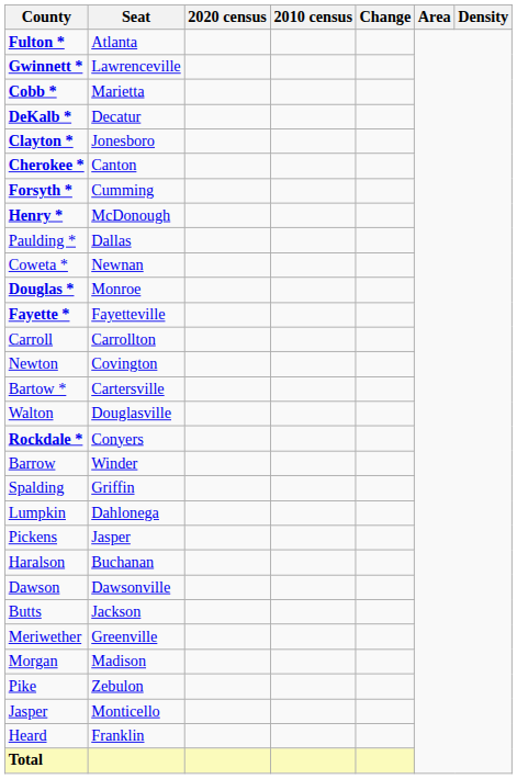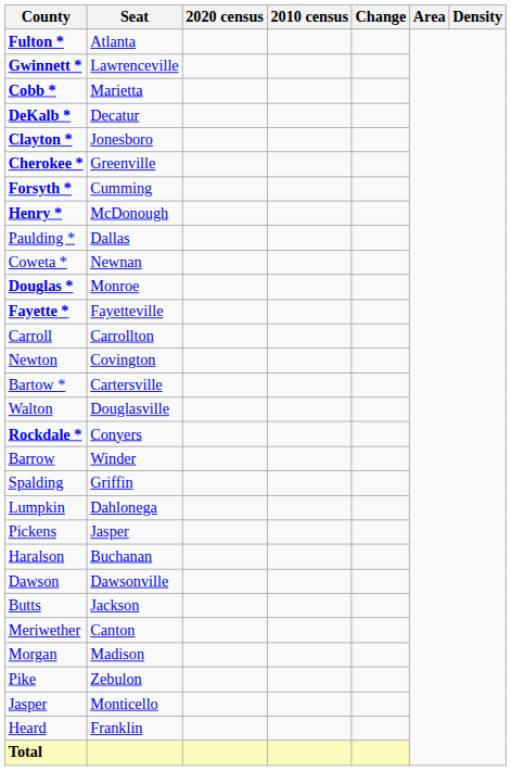 <table class="wikitable sortable">
 <tr>
 <th>County</th>
 <th>Seat</th>
 <th>2020 census</th>
 <th>2010 census</th>
 <th>Change</th>
 <th>Area</th>
 <th>Density</th>
 </tr>
 <tr>
 <td><strong><a href='#'>Fulton *</a></strong></td>
 <td><a href='#'>Atlanta</a></td>
 <td></td>
 <td></td>
 <td></td>
 </tr>
 <tr>
 <td><strong><a href='#'>Gwinnett *</a></strong></td>
 <td><a href='#'>Lawrenceville</a></td>
 <td></td>
 <td></td>
 <td></td>
 </tr>
 <tr>
 <td><strong><a href='#'>Cobb *</a></strong></td>
 <td><a href='#'>Marietta</a></td>
 <td></td>
 <td></td>
 <td></td>
 </tr>
 <tr>
 <td><strong><a href='#'>DeKalb *</a></strong></td>
 <td><a href='#'>Decatur</a></td>
 <td></td>
 <td></td>
 <td></td>
 </tr>
 <tr>
 <td><strong><a href='#'>Clayton *</a></strong></td>
 <td><a href='#'>Jonesboro</a></td>
 <td></td>
 <td></td>
 <td></td>
 </tr>
 <tr>
 <td><strong><a href='#'>Cherokee *</a></strong></td>
-<td><a href='#'>Canton</a></td>
+<td><a href='#'>Greenville</a></td>
 <td></td>
 <td></td>
 <td></td>
 </tr>
 <tr>
 <td><strong><a href='#'>Forsyth *</a></strong></td>
 <td><a href='#'>Cumming</a></td>
 <td></td>
 <td></td>
 <td></td>
 </tr>
 <tr>
 <td><strong><a href='#'>Henry *</a></strong></td>
 <td><a href='#'>McDonough</a></td>
 <td></td>
 <td></td>
 <td></td>
 </tr>
 <tr>
 <td><a href='#'>Paulding *</a></td>
 <td><a href='#'>Dallas</a></td>
 <td></td>
 <td></td>
 <td></td>
 </tr>
 <tr>
 <td><a href='#'>Coweta *</a></td>
 <td><a href='#'>Newnan</a></td>
 <td></td>
 <td></td>
 <td></td>
 </tr>
 <tr>
 <td><strong><a href='#'>Douglas *</a></strong></td>
 <td><a href='#'>Monroe</a></td>
 <td></td>
 <td></td>
 <td></td>
 </tr>
 <tr>
 <td><strong><a href='#'>Fayette *</a></strong></td>
 <td><a href='#'>Fayetteville</a></td>
 <td></td>
 <td></td>
 <td></td>
 </tr>
 <tr>
 <td><a href='#'>Carroll</a></td>
 <td><a href='#'>Carrollton</a></td>
 <td></td>
 <td></td>
 <td></td>
 </tr>
 <tr>
 <td><a href='#'>Newton</a></td>
 <td><a href='#'>Covington</a></td>
 <td></td>
 <td></td>
 <td></td>
 </tr>
 <tr>
 <td><a href='#'>Bartow *</a></td>
 <td><a href='#'>Cartersville</a></td>
 <td></td>
 <td></td>
 <td></td>
 </tr>
 <tr>
 <td><a href='#'>Walton</a></td>
 <td><a href='#'>Douglasville</a></td>
 <td></td>
 <td></td>
 <td></td>
 </tr>
 <tr>
 <td><strong><a href='#'>Rockdale *</a></strong></td>
 <td><a href='#'>Conyers</a></td>
 <td></td>
 <td></td>
 <td></td>
 </tr>
 <tr>
 <td><a href='#'>Barrow</a></td>
 <td><a href='#'>Winder</a></td>
 <td></td>
 <td></td>
 <td></td>
 </tr>
 <tr>
 <td><a href='#'>Spalding</a></td>
 <td><a href='#'>Griffin</a></td>
 <td></td>
 <td></td>
 <td></td>
 </tr>
 <tr>
 <td><a href='#'>Lumpkin</a></td>
 <td><a href='#'>Dahlonega</a></td>
 <td></td>
 <td></td>
 <td></td>
 </tr>
 <tr>
 <td><a href='#'>Pickens</a></td>
 <td><a href='#'>Jasper</a></td>
 <td></td>
 <td></td>
 <td></td>
 </tr>
 <tr>
 <td><a href='#'>Haralson</a></td>
 <td><a href='#'>Buchanan</a></td>
 <td></td>
 <td></td>
 <td></td>
 </tr>
 <tr>
 <td><a href='#'>Dawson</a></td>
 <td><a href='#'>Dawsonville</a></td>
 <td></td>
 <td></td>
 <td></td>
 </tr>
 <tr>
 <td><a href='#'>Butts</a></td>
 <td><a href='#'>Jackson</a></td>
 <td></td>
 <td></td>
 <td></td>
 </tr>
 <tr>
 <td><a href='#'>Meriwether</a></td>
-<td><a href='#'>Greenville</a></td>
+<td><a href='#'>Canton</a></td>
 <td></td>
 <td></td>
 <td></td>
 </tr>
 <tr>
 <td><a href='#'>Morgan</a></td>
 <td><a href='#'>Madison</a></td>
 <td></td>
 <td></td>
 <td></td>
 </tr>
 <tr>
 <td><a href='#'>Pike</a></td>
 <td><a href='#'>Zebulon</a></td>
 <td></td>
 <td></td>
 <td></td>
 </tr>
 <tr>
 <td><a href='#'>Jasper</a></td>
 <td><a href='#'>Monticello</a></td>
 <td></td>
 <td></td>
 <td></td>
 </tr>
 <tr>
 <td><a href='#'>Heard</a></td>
 <td><a href='#'>Franklin</a></td>
 <td></td>
 <td></td>
 <td></td>
 </tr>
 <tr class=sortbottom style="background:#fbfbbb">
 <td><strong>Total</strong></td>
 <td></td>
 <td></td>
 <td></td>
 <td></td>
 </tr>
 </table>
